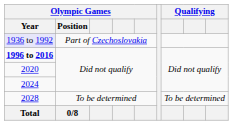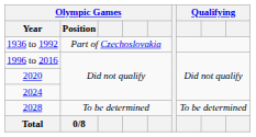 <table class="wikitable" style="text-align: center;font-size:90%;">
 <tr>
 <th colspan=5><a href='#'>Olympic Games</a></th>
 <th rowspan=8></th>
 <th colspan=3><a href='#'>Qualifying</a></th>
 </tr>
 <tr>
 <th>Year</th>
 <th>Position</th>
 <th width=30></th>
 <th width=30></th>
 <th width=30></th>
 <th width=30></th>
 <th width=30></th>
 <th width=30></th>
 </tr>
 <tr>
-<td style="background: lavender;"><a href='#'>1936</a> to <a href='#'>1992</a></td>
+<td><a href='#'>1936</a> to <a href='#'>1992</a></td>
 <td colspan=4><em>Part of <a href='#'>Czechoslovakia</a></em></td>
 </tr>
 <tr>
-<td><strong><a href='#'>1996</a> to <a href='#'>2016</a></strong></td>
+<td><a href='#'>1996</a> to <a href='#'>2016</a></td>
 <td colspan=4 rowspan=3><em>Did not qualify</em></td>
 <td colspan=3 rowspan=3><em>Did not qualify</em></td>
 </tr>
 <tr>
 <td> <a href='#'>2020</a></td>
 </tr>
 <tr>
 <td> <a href='#'>2024</a></td>
 </tr>
 <tr>
 <td> <a href='#'>2028</a></td>
 <td colspan=4><em>To be determined</em></td>
 <td colspan=3><em>To be determined</em></td>
 </tr>
 <tr>
 <th>Total</th>
 <th>0/8</th>
 <th></th>
 <th></th>
 <th></th>
 <th></th>
 <th></th>
 <th></th>
 </tr>
 </table>
